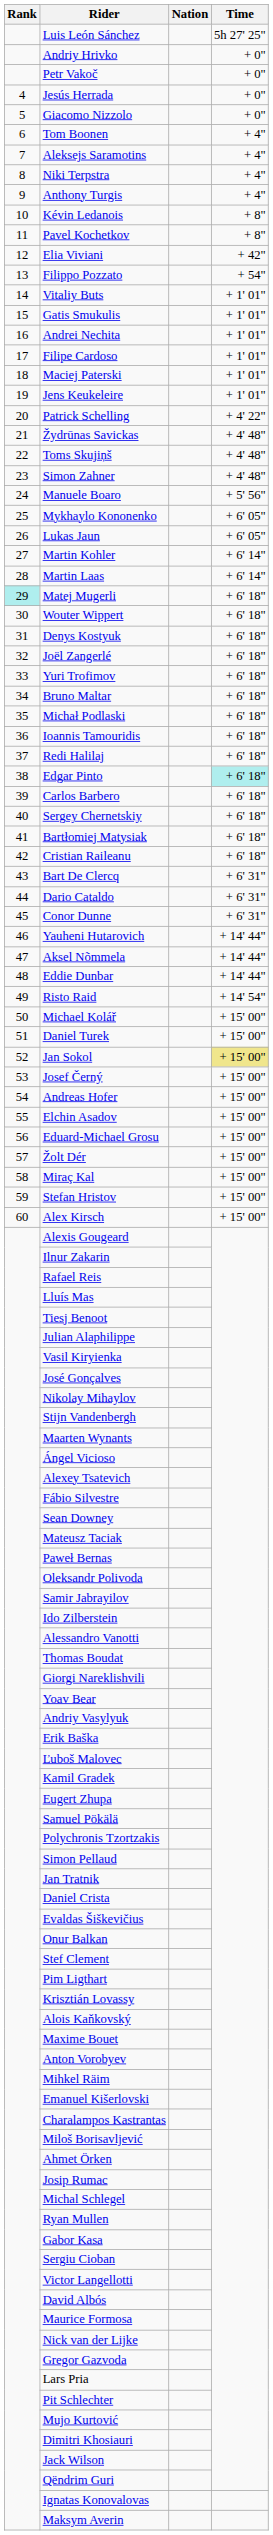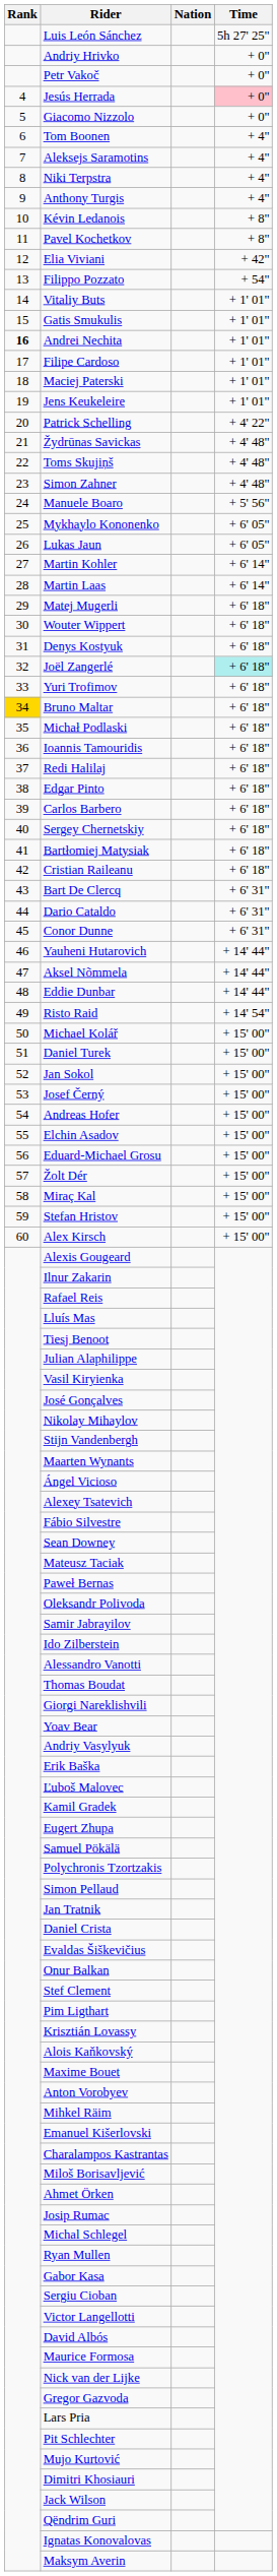 <table class="wikitable sortable" style="text-align:center">
 <tr>
 <th>Rank</th>
 <th>Rider</th>
 <th>Nation</th>
 <th class=unsortable>Time</th>
 </tr>
 <tr>
 <td></td>
 <td align=left><a href='#'>Luis León Sánchez</a></td>
 <td align=left></td>
 <td align=right>5h 27' 25"</td>
 </tr>
 <tr>
 <td></td>
 <td align=left><a href='#'>Andriy Hrivko</a></td>
 <td align=left></td>
 <td align=right>+ 0"</td>
 </tr>
 <tr>
 <td></td>
 <td align=left><a href='#'>Petr Vakoč</a></td>
 <td align=left></td>
 <td align=right>+ 0"</td>
 </tr>
 <tr>
 <td>4</td>
 <td align=left><a href='#'>Jesús Herrada</a></td>
 <td align=left></td>
-<td align=right>+ 0"</td>
+<td align=right style="background: pink;">+ 0"</td>
 </tr>
 <tr>
 <td>5</td>
 <td align=left><a href='#'>Giacomo Nizzolo</a></td>
 <td align=left></td>
 <td align=right>+ 0"</td>
 </tr>
 <tr>
 <td>6</td>
 <td align=left><a href='#'>Tom Boonen</a></td>
 <td align=left></td>
 <td align=right>+ 4"</td>
 </tr>
 <tr>
 <td>7</td>
 <td align=left><a href='#'>Aleksejs Saramotins</a></td>
 <td align=left></td>
 <td align=right>+ 4"</td>
 </tr>
 <tr>
 <td>8</td>
 <td align=left><a href='#'>Niki Terpstra</a></td>
 <td align=left></td>
 <td align=right>+ 4"</td>
 </tr>
 <tr>
 <td>9</td>
 <td align=left><a href='#'>Anthony Turgis</a></td>
 <td align=left></td>
 <td align=right>+ 4"</td>
 </tr>
 <tr>
 <td>10</td>
 <td align=left><a href='#'>Kévin Ledanois</a></td>
 <td align=left></td>
 <td align=right>+ 8"</td>
 </tr>
 <tr>
 <td>11</td>
 <td align=left><a href='#'>Pavel Kochetkov</a></td>
 <td align=left></td>
 <td align=right>+ 8"</td>
 </tr>
 <tr>
 <td>12</td>
 <td align=left><a href='#'>Elia Viviani</a></td>
 <td align=left></td>
 <td align=right>+ 42"</td>
 </tr>
 <tr>
 <td>13</td>
 <td align=left><a href='#'>Filippo Pozzato</a></td>
 <td align=left></td>
 <td align=right>+ 54"</td>
 </tr>
 <tr>
 <td>14</td>
 <td align=left><a href='#'>Vitaliy Buts</a></td>
 <td align=left></td>
 <td align=right>+ 1' 01"</td>
 </tr>
 <tr>
 <td>15</td>
 <td align=left><a href='#'>Gatis Smukulis</a></td>
 <td align=left></td>
 <td align=right>+ 1' 01"</td>
 </tr>
 <tr>
-<td>16</td>
+<td><strong>16</strong></td>
 <td align=left><a href='#'>Andrei Nechita</a></td>
 <td align=left></td>
 <td align=right>+ 1' 01"</td>
 </tr>
 <tr>
 <td>17</td>
 <td align=left><a href='#'>Filipe Cardoso</a></td>
 <td align=left></td>
 <td align=right>+ 1' 01"</td>
 </tr>
 <tr>
 <td>18</td>
 <td align=left><a href='#'>Maciej Paterski</a></td>
 <td align=left></td>
 <td align=right>+ 1' 01"</td>
 </tr>
 <tr>
 <td>19</td>
 <td align=left><a href='#'>Jens Keukeleire</a></td>
 <td align=left></td>
 <td align=right>+ 1' 01"</td>
 </tr>
 <tr>
 <td>20</td>
 <td align=left><a href='#'>Patrick Schelling</a></td>
 <td align=left></td>
 <td align=right>+ 4' 22"</td>
 </tr>
 <tr>
 <td>21</td>
 <td align=left><a href='#'>Žydrūnas Savickas</a></td>
 <td align=left></td>
 <td align=right>+ 4' 48"</td>
 </tr>
 <tr>
 <td>22</td>
 <td align=left><a href='#'>Toms Skujiņš</a></td>
 <td align=left></td>
 <td align=right>+ 4' 48"</td>
 </tr>
 <tr>
 <td>23</td>
 <td align=left><a href='#'>Simon Zahner</a></td>
 <td align=left></td>
 <td align=right>+ 4' 48"</td>
 </tr>
 <tr>
 <td>24</td>
 <td align=left><a href='#'>Manuele Boaro</a></td>
 <td align=left></td>
 <td align=right>+ 5' 56"</td>
 </tr>
 <tr>
 <td>25</td>
 <td align=left><a href='#'>Mykhaylo Kononenko</a></td>
 <td align=left></td>
 <td align=right>+ 6' 05"</td>
 </tr>
 <tr>
 <td>26</td>
 <td align=left><a href='#'>Lukas Jaun</a></td>
 <td align=left></td>
 <td align=right>+ 6' 05"</td>
 </tr>
 <tr>
 <td>27</td>
 <td align=left><a href='#'>Martin Kohler</a></td>
 <td align=left></td>
 <td align=right>+ 6' 14"</td>
 </tr>
 <tr>
 <td>28</td>
 <td align=left><a href='#'>Martin Laas</a></td>
 <td align=left></td>
 <td align=right>+ 6' 14"</td>
 </tr>
 <tr>
-<td style="background: paleturquoise;">29</td>
+<td>29</td>
 <td align=left><a href='#'>Matej Mugerli</a></td>
 <td align=left></td>
 <td align=right>+ 6' 18"</td>
 </tr>
 <tr>
 <td>30</td>
 <td align=left><a href='#'>Wouter Wippert</a></td>
 <td align=left></td>
 <td align=right>+ 6' 18"</td>
 </tr>
 <tr>
 <td>31</td>
 <td align=left><a href='#'>Denys Kostyuk</a></td>
 <td align=left></td>
 <td align=right>+ 6' 18"</td>
 </tr>
 <tr>
 <td>32</td>
 <td align=left><a href='#'>Joël Zangerlé</a></td>
 <td align=left></td>
-<td align=right>+ 6' 18"</td>
+<td align=right style="background: paleturquoise;">+ 6' 18"</td>
 </tr>
 <tr>
 <td>33</td>
 <td align=left><a href='#'>Yuri Trofimov</a></td>
 <td align=left></td>
 <td align=right>+ 6' 18"</td>
 </tr>
 <tr>
-<td>34</td>
+<td style="background: gold;">34</td>
 <td align=left><a href='#'>Bruno Maltar</a></td>
 <td align=left></td>
 <td align=right>+ 6' 18"</td>
 </tr>
 <tr>
 <td>35</td>
 <td align=left><a href='#'>Michał Podlaski</a></td>
 <td align=left></td>
 <td align=right>+ 6' 18"</td>
 </tr>
 <tr>
 <td>36</td>
 <td align=left><a href='#'>Ioannis Tamouridis</a></td>
 <td align=left></td>
 <td align=right>+ 6' 18"</td>
 </tr>
 <tr>
 <td>37</td>
 <td align=left><a href='#'>Redi Halilaj</a></td>
 <td align=left></td>
 <td align=right>+ 6' 18"</td>
 </tr>
 <tr>
 <td>38</td>
 <td align=left><a href='#'>Edgar Pinto</a></td>
 <td align=left></td>
-<td align=right style="background: paleturquoise;">+ 6' 18"</td>
+<td align=right>+ 6' 18"</td>
 </tr>
 <tr>
 <td>39</td>
 <td align=left><a href='#'>Carlos Barbero</a></td>
 <td align=left></td>
 <td align=right>+ 6' 18"</td>
 </tr>
 <tr>
 <td>40</td>
 <td align=left><a href='#'>Sergey Chernetskiy</a></td>
 <td align=left></td>
 <td align=right>+ 6' 18"</td>
 </tr>
 <tr>
 <td>41</td>
 <td align=left><a href='#'>Bartłomiej Matysiak</a></td>
 <td align=left></td>
 <td align=right>+ 6' 18"</td>
 </tr>
 <tr>
 <td>42</td>
 <td align=left><a href='#'>Cristian Raileanu</a></td>
 <td align=left></td>
 <td align=right>+ 6' 18"</td>
 </tr>
 <tr>
 <td>43</td>
 <td align=left><a href='#'>Bart De Clercq</a></td>
 <td align=left></td>
 <td align=right>+ 6' 31"</td>
 </tr>
 <tr>
 <td>44</td>
 <td align=left><a href='#'>Dario Cataldo</a></td>
 <td align=left></td>
 <td align=right>+ 6' 31"</td>
 </tr>
 <tr>
 <td>45</td>
 <td align=left><a href='#'>Conor Dunne</a></td>
 <td align=left></td>
 <td align=right>+ 6' 31"</td>
 </tr>
 <tr>
 <td>46</td>
 <td align=left><a href='#'>Yauheni Hutarovich</a></td>
 <td align=left></td>
 <td align=right>+ 14' 44"</td>
 </tr>
 <tr>
 <td>47</td>
 <td align=left><a href='#'>Aksel Nõmmela</a></td>
 <td align=left></td>
 <td align=right>+ 14' 44"</td>
 </tr>
 <tr>
 <td>48</td>
 <td align=left><a href='#'>Eddie Dunbar</a></td>
 <td align=left></td>
 <td align=right>+ 14' 44"</td>
 </tr>
 <tr>
 <td>49</td>
 <td align=left><a href='#'>Risto Raid</a></td>
 <td align=left></td>
 <td align=right>+ 14' 54"</td>
 </tr>
 <tr>
 <td>50</td>
 <td align=left><a href='#'>Michael Kolář</a></td>
 <td align=left></td>
 <td align=right>+ 15' 00"</td>
 </tr>
 <tr>
 <td>51</td>
 <td align=left><a href='#'>Daniel Turek</a></td>
 <td align=left></td>
 <td align=right>+ 15' 00"</td>
 </tr>
 <tr>
 <td>52</td>
 <td align=left><a href='#'>Jan Sokol</a></td>
 <td align=left></td>
-<td align=right style="background: khaki;">+ 15' 00"</td>
+<td align=right>+ 15' 00"</td>
 </tr>
 <tr>
 <td>53</td>
 <td align=left><a href='#'>Josef Černý</a></td>
 <td align=left></td>
 <td align=right>+ 15' 00"</td>
 </tr>
 <tr>
 <td>54</td>
 <td align=left><a href='#'>Andreas Hofer</a></td>
 <td align=left></td>
 <td align=right>+ 15' 00"</td>
 </tr>
 <tr>
 <td>55</td>
 <td align=left><a href='#'>Elchin Asadov</a></td>
 <td align=left></td>
 <td align=right>+ 15' 00"</td>
 </tr>
 <tr>
 <td>56</td>
 <td align=left><a href='#'>Eduard-Michael Grosu</a></td>
 <td align=left></td>
 <td align=right>+ 15' 00"</td>
 </tr>
 <tr>
 <td>57</td>
 <td align=left><a href='#'>Žolt Dér</a></td>
 <td align=left></td>
 <td align=right>+ 15' 00"</td>
 </tr>
 <tr>
 <td>58</td>
 <td align=left><a href='#'>Miraç Kal</a></td>
 <td align=left></td>
 <td align=right>+ 15' 00"</td>
 </tr>
 <tr>
 <td>59</td>
 <td align=left><a href='#'>Stefan Hristov</a></td>
 <td align=left></td>
 <td align=right>+ 15' 00"</td>
 </tr>
 <tr>
 <td>60</td>
 <td align=left><a href='#'>Alex Kirsch</a></td>
 <td align=left></td>
 <td align=right>+ 15' 00"</td>
 </tr>
 <tr>
 <td rowspan=65></td>
 <td align=left><a href='#'>Alexis Gougeard</a></td>
 <td align=left></td>
 <td rowspan=63></td>
 </tr>
 <tr>
 <td align=left><a href='#'>Ilnur Zakarin</a></td>
 <td align=left></td>
 </tr>
 <tr>
 <td align=left><a href='#'>Rafael Reis</a></td>
 <td align=left></td>
 </tr>
 <tr>
 <td align=left><a href='#'>Lluís Mas</a></td>
 <td align=left></td>
 </tr>
 <tr>
 <td align=left><a href='#'>Tiesj Benoot</a></td>
 <td align=left></td>
 </tr>
 <tr>
 <td align=left><a href='#'>Julian Alaphilippe</a></td>
 <td align=left></td>
 </tr>
 <tr>
 <td align=left><a href='#'>Vasil Kiryienka</a></td>
 <td align=left></td>
 </tr>
 <tr>
 <td align=left><a href='#'>José Gonçalves</a></td>
 <td align=left></td>
 </tr>
 <tr>
 <td align=left><a href='#'>Nikolay Mihaylov</a></td>
 <td align=left></td>
 </tr>
 <tr>
 <td align=left><a href='#'>Stijn Vandenbergh</a></td>
 <td align=left></td>
 </tr>
 <tr>
 <td align=left><a href='#'>Maarten Wynants</a></td>
 <td align=left></td>
 </tr>
 <tr>
 <td align=left><a href='#'>Ángel Vicioso</a></td>
 <td align=left></td>
 </tr>
 <tr>
 <td align=left><a href='#'>Alexey Tsatevich</a></td>
 <td align=left></td>
 </tr>
 <tr>
 <td align=left><a href='#'>Fábio Silvestre</a></td>
 <td align=left></td>
 </tr>
 <tr>
 <td align=left><a href='#'>Sean Downey</a></td>
 <td align=left></td>
 </tr>
 <tr>
 <td align=left><a href='#'>Mateusz Taciak</a></td>
 <td align=left></td>
 </tr>
 <tr>
 <td align=left><a href='#'>Paweł Bernas</a></td>
 <td align=left></td>
 </tr>
 <tr>
 <td align=left><a href='#'>Oleksandr Polivoda</a></td>
 <td align=left></td>
 </tr>
 <tr>
 <td align=left><a href='#'>Samir Jabrayilov</a></td>
 <td align=left></td>
 </tr>
 <tr>
 <td align=left><a href='#'>Ido Zilberstein</a></td>
 <td align=left></td>
 </tr>
 <tr>
 <td align=left><a href='#'>Alessandro Vanotti</a></td>
 <td align=left></td>
 </tr>
 <tr>
 <td align=left><a href='#'>Thomas Boudat</a></td>
 <td align=left></td>
 </tr>
 <tr>
 <td align=left><a href='#'>Giorgi Nareklishvili</a></td>
 <td align=left></td>
 </tr>
 <tr>
 <td align=left><a href='#'>Yoav Bear</a></td>
 <td align=left></td>
 </tr>
 <tr>
 <td align=left><a href='#'>Andriy Vasylyuk</a></td>
 <td align=left></td>
 </tr>
 <tr>
 <td align=left><a href='#'>Erik Baška</a></td>
 <td align=left></td>
 </tr>
 <tr>
 <td align=left><a href='#'>Ľuboš Malovec</a></td>
 <td align=left></td>
 </tr>
 <tr>
 <td align=left><a href='#'>Kamil Gradek</a></td>
 <td align=left></td>
 </tr>
 <tr>
 <td align=left><a href='#'>Eugert Zhupa</a></td>
 <td align=left></td>
 </tr>
 <tr>
 <td align=left><a href='#'>Samuel Pökälä</a></td>
 <td align=left></td>
 </tr>
 <tr>
 <td align=left><a href='#'>Polychronis Tzortzakis</a></td>
 <td align=left></td>
 </tr>
 <tr>
 <td align=left><a href='#'>Simon Pellaud</a></td>
 <td align=left></td>
 </tr>
 <tr>
 <td align=left><a href='#'>Jan Tratnik</a></td>
 <td align=left></td>
 </tr>
 <tr>
 <td align=left><a href='#'>Daniel Crista</a></td>
 <td align=left></td>
 </tr>
 <tr>
 <td align=left><a href='#'>Evaldas Šiškevičius</a></td>
 <td align=left></td>
 </tr>
 <tr>
 <td align=left><a href='#'>Onur Balkan</a></td>
 <td align=left></td>
 </tr>
 <tr>
 <td align=left><a href='#'>Stef Clement</a></td>
 <td align=left></td>
 </tr>
 <tr>
 <td align=left><a href='#'>Pim Ligthart</a></td>
 <td align=left></td>
 </tr>
 <tr>
 <td align=left><a href='#'>Krisztián Lovassy</a></td>
 <td align=left></td>
 </tr>
 <tr>
 <td align=left><a href='#'>Alois Kaňkovský</a></td>
 <td align=left></td>
 </tr>
 <tr>
 <td align=left><a href='#'>Maxime Bouet</a></td>
 <td align=left></td>
 </tr>
 <tr>
 <td align=left><a href='#'>Anton Vorobyev</a></td>
 <td align=left></td>
 </tr>
 <tr>
 <td align=left><a href='#'>Mihkel Räim</a></td>
 <td align=left></td>
 </tr>
 <tr>
 <td align=left><a href='#'>Emanuel Kišerlovski</a></td>
 <td align=left></td>
 </tr>
 <tr>
 <td align=left><a href='#'>Charalampos Kastrantas</a></td>
 <td align=left></td>
 </tr>
 <tr>
 <td align=left><a href='#'>Miloš Borisavljević</a></td>
 <td align=left></td>
 </tr>
 <tr>
 <td align=left><a href='#'>Ahmet Örken</a></td>
 <td align=left></td>
 </tr>
 <tr>
 <td align=left><a href='#'>Josip Rumac</a></td>
 <td align=left></td>
 </tr>
 <tr>
 <td align=left><a href='#'>Michal Schlegel</a></td>
 <td align=left></td>
 </tr>
 <tr>
 <td align=left><a href='#'>Ryan Mullen</a></td>
 <td align=left></td>
 </tr>
 <tr>
 <td align=left><a href='#'>Gabor Kasa</a></td>
 <td align=left></td>
 </tr>
 <tr>
 <td align=left><a href='#'>Sergiu Cioban</a></td>
 <td align=left></td>
 </tr>
 <tr>
 <td align=left><a href='#'>Victor Langellotti</a></td>
 <td align=left></td>
 </tr>
 <tr>
 <td align=left><a href='#'>David Albós</a></td>
 <td align=left></td>
 </tr>
 <tr>
 <td align=left><a href='#'>Maurice Formosa</a></td>
 <td align=left></td>
 </tr>
 <tr>
 <td align=left><a href='#'>Nick van der Lijke</a></td>
 <td align=left></td>
 </tr>
 <tr>
 <td align=left><a href='#'>Gregor Gazvoda</a></td>
 <td align=left></td>
 </tr>
 <tr>
 <td align=left>Lars Pria</td>
 <td align=left></td>
 </tr>
 <tr>
 <td align=left><a href='#'>Pit Schlechter</a></td>
 <td align=left></td>
 </tr>
 <tr>
 <td align=left><a href='#'>Mujo Kurtović</a></td>
 <td align=left></td>
 </tr>
 <tr>
 <td align=left><a href='#'>Dimitri Khosiauri</a></td>
 <td align=left></td>
 </tr>
 <tr>
 <td align=left><a href='#'>Jack Wilson</a></td>
 <td align=left></td>
 </tr>
 <tr>
 <td align=left><a href='#'>Qëndrim Guri</a></td>
 <td align=left></td>
 </tr>
 <tr>
 <td align=left><a href='#'>Ignatas Konovalovas</a></td>
 <td align=left></td>
 <td></td>
 </tr>
 <tr>
 <td align=left><a href='#'>Maksym Averin</a></td>
 <td align=left></td>
 <td></td>
 </tr>
 </table>
